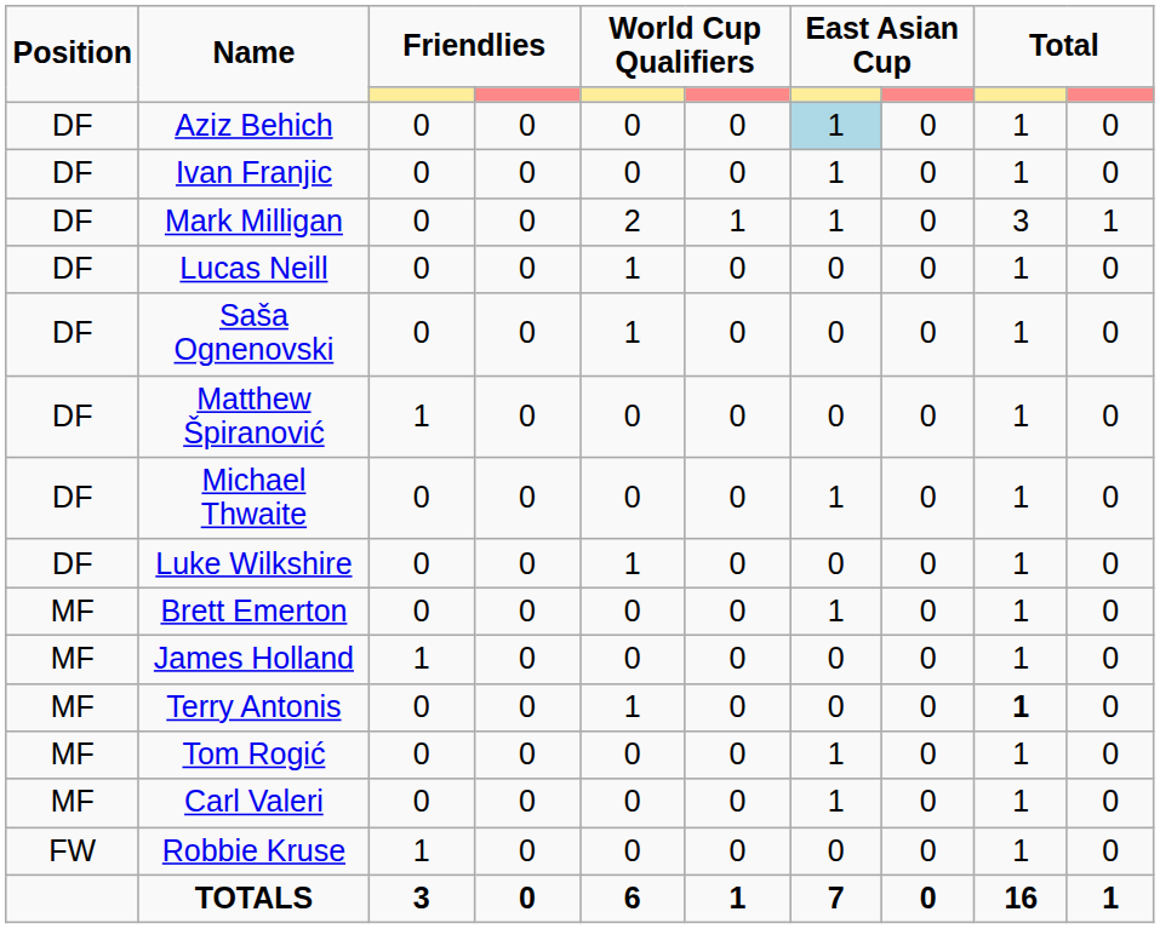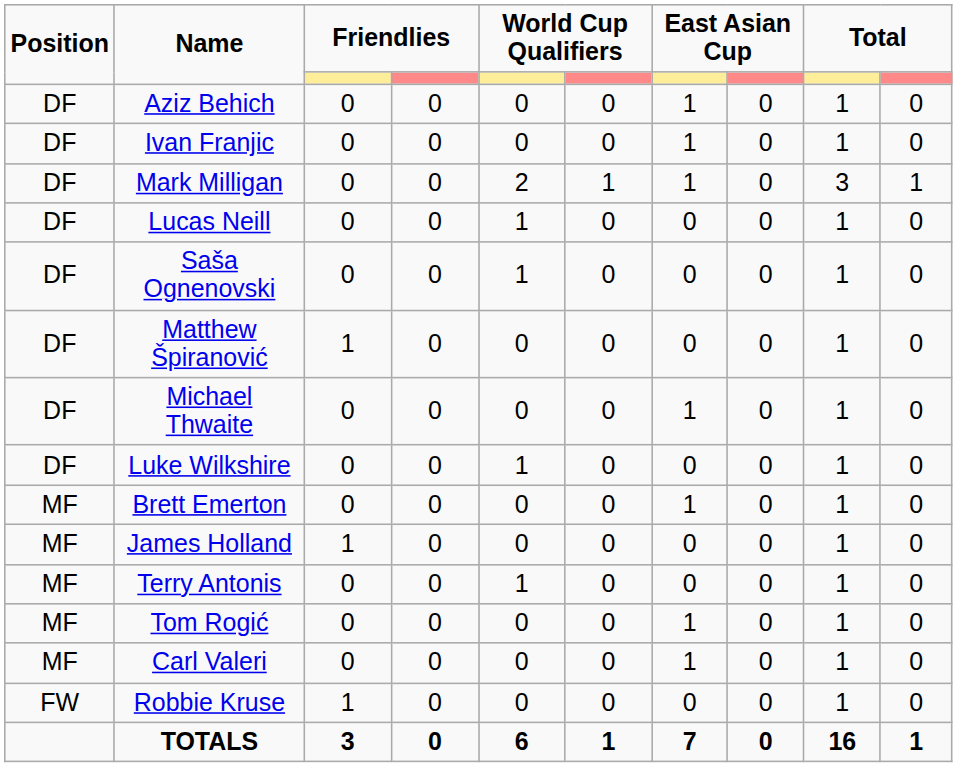 <table class="wikitable" style="text-align:center;">
 <tr style="text-align:center;">
 <td rowspan="2"  style="width:10%; "><strong>Position</strong></td>
 <td rowspan="2"  style="width:20%; "><strong>Name</strong></td>
 <td colspan="2"><strong>Friendlies</strong></td>
 <td colspan="2"><strong>World Cup Qualifiers</strong></td>
 <td colspan="2"><strong>East Asian Cup</strong></td>
 <td colspan="2"><strong>Total</strong></td>
 </tr>
 <tr>
 <th style="width:60px; background:#fe9;"></th>
 <th style="width:60px; background:#ff8888;"></th>
 <th style="width:60px; background:#fe9;"></th>
 <th style="width:60px; background:#ff8888;"></th>
 <th style="width:60px; background:#fe9;"></th>
 <th style="width:60px; background:#ff8888;"></th>
 <th style="width:60px; background:#fe9;"></th>
 <th style="width:60px; background:#ff8888;"></th>
 </tr>
 <tr>
 <td>DF</td>
 <td><a href='#'>Aziz Behich</a></td>
 <td>0</td>
 <td>0</td>
 <td>0</td>
 <td>0</td>
-<td style="background: lightblue;">1</td>
+<td>1</td>
 <td>0</td>
 <td>1</td>
 <td>0</td>
 </tr>
 <tr>
 <td>DF</td>
 <td><a href='#'>Ivan Franjic</a></td>
 <td>0</td>
 <td>0</td>
 <td>0</td>
 <td>0</td>
 <td>1</td>
 <td>0</td>
 <td>1</td>
 <td>0</td>
 </tr>
 <tr>
 <td>DF</td>
 <td><a href='#'>Mark Milligan</a></td>
 <td>0</td>
 <td>0</td>
 <td>2</td>
 <td>1</td>
 <td>1</td>
 <td>0</td>
 <td>3</td>
 <td>1</td>
 </tr>
 <tr>
 <td>DF</td>
 <td><a href='#'>Lucas Neill</a></td>
 <td>0</td>
 <td>0</td>
 <td>1</td>
 <td>0</td>
 <td>0</td>
 <td>0</td>
 <td>1</td>
 <td>0</td>
 </tr>
 <tr>
 <td>DF</td>
 <td><a href='#'>Saša Ognenovski</a></td>
 <td>0</td>
 <td>0</td>
 <td>1</td>
 <td>0</td>
 <td>0</td>
 <td>0</td>
 <td>1</td>
 <td>0</td>
 </tr>
 <tr>
 <td>DF</td>
 <td><a href='#'>Matthew Špiranović</a></td>
 <td>1</td>
 <td>0</td>
 <td>0</td>
 <td>0</td>
 <td>0</td>
 <td>0</td>
 <td>1</td>
 <td>0</td>
 </tr>
 <tr>
 <td>DF</td>
 <td><a href='#'>Michael Thwaite</a></td>
 <td>0</td>
 <td>0</td>
 <td>0</td>
 <td>0</td>
 <td>1</td>
 <td>0</td>
 <td>1</td>
 <td>0</td>
 </tr>
 <tr>
 <td>DF</td>
 <td><a href='#'>Luke Wilkshire</a></td>
 <td>0</td>
 <td>0</td>
 <td>1</td>
 <td>0</td>
 <td>0</td>
 <td>0</td>
 <td>1</td>
 <td>0</td>
 </tr>
 <tr>
 <td>MF</td>
 <td><a href='#'>Brett Emerton</a></td>
 <td>0</td>
 <td>0</td>
 <td>0</td>
 <td>0</td>
 <td>1</td>
 <td>0</td>
 <td>1</td>
 <td>0</td>
 </tr>
 <tr>
 <td>MF</td>
 <td><a href='#'>James Holland</a></td>
 <td>1</td>
 <td>0</td>
 <td>0</td>
 <td>0</td>
 <td>0</td>
 <td>0</td>
 <td>1</td>
 <td>0</td>
 </tr>
 <tr>
 <td>MF</td>
 <td><a href='#'>Terry Antonis</a></td>
 <td>0</td>
 <td>0</td>
 <td>1</td>
 <td>0</td>
 <td>0</td>
 <td>0</td>
-<td><strong>1</strong></td>
+<td>1</td>
 <td>0</td>
 </tr>
 <tr>
 <td>MF</td>
 <td><a href='#'>Tom Rogić</a></td>
 <td>0</td>
 <td>0</td>
 <td>0</td>
 <td>0</td>
 <td>1</td>
 <td>0</td>
 <td>1</td>
 <td>0</td>
 </tr>
 <tr>
 <td>MF</td>
 <td><a href='#'>Carl Valeri</a></td>
 <td>0</td>
 <td>0</td>
 <td>0</td>
 <td>0</td>
 <td>1</td>
 <td>0</td>
 <td>1</td>
 <td>0</td>
 </tr>
 <tr>
 <td>FW</td>
 <td><a href='#'>Robbie Kruse</a></td>
 <td>1</td>
 <td>0</td>
 <td>0</td>
 <td>0</td>
 <td>0</td>
 <td>0</td>
 <td>1</td>
 <td>0</td>
 </tr>
 <tr>
 <td></td>
 <td><strong>TOTALS</strong></td>
 <td><strong>3</strong></td>
 <td><strong>0</strong></td>
 <td><strong>6</strong></td>
 <td><strong>1</strong></td>
 <td><strong>7</strong></td>
 <td><strong>0</strong></td>
 <td><strong>16</strong></td>
 <td><strong>1</strong></td>
 </tr>
 </table>
